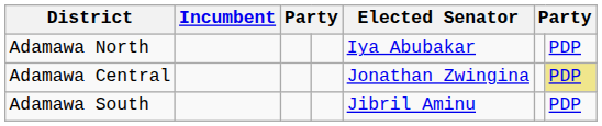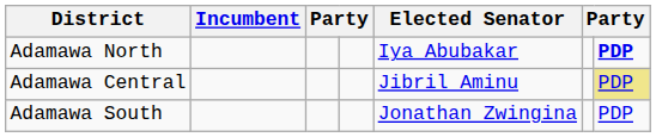 <table class="sortable wikitable" style="font-size:95%;line-height:14px;">
 <tr>
 <th class="unsortable">District</th>
 <th class="unsortable"><a href='#'>Incumbent</a></th>
 <th colspan="2">Party</th>
 <th class="unsortable">Elected Senator</th>
 <th colspan="2">Party</th>
 </tr>
 <tr>
 <td>Adamawa North</td>
 <td></td>
 <td></td>
 <td></td>
 <td><a href='#'>Iya Abubakar</a></td>
 <td style="background:"></td>
-<td><a href='#'>PDP</a></td>
+<td><strong><a href='#'>PDP</a></strong></td>
 </tr>
 <tr>
 <td>Adamawa Central</td>
 <td></td>
 <td></td>
 <td></td>
-<td><a href='#'>Jonathan Zwingina</a></td>
+<td><a href='#'>Jibril Aminu</a></td>
 <td style="background:"></td>
 <td style="background: khaki;"><a href='#'>PDP</a></td>
 </tr>
 <tr>
 <td>Adamawa South</td>
 <td></td>
 <td></td>
 <td></td>
-<td><a href='#'>Jibril Aminu</a></td>
+<td><a href='#'>Jonathan Zwingina</a></td>
 <td style="background:"></td>
 <td><a href='#'>PDP</a></td>
 </tr>
 </table>
